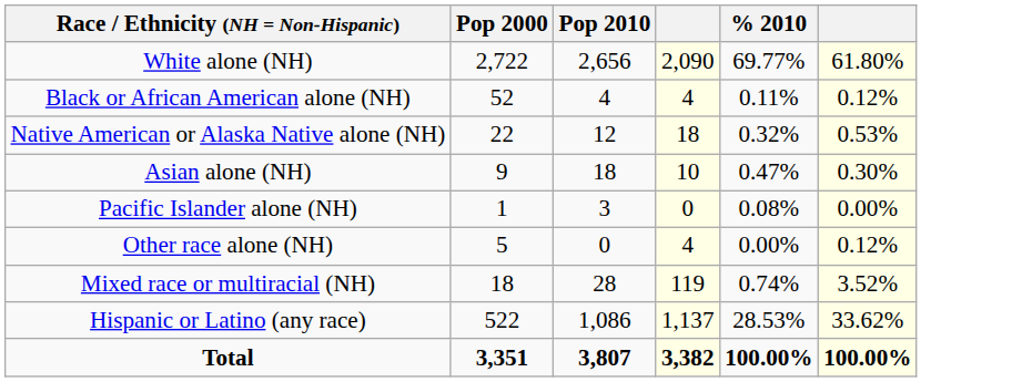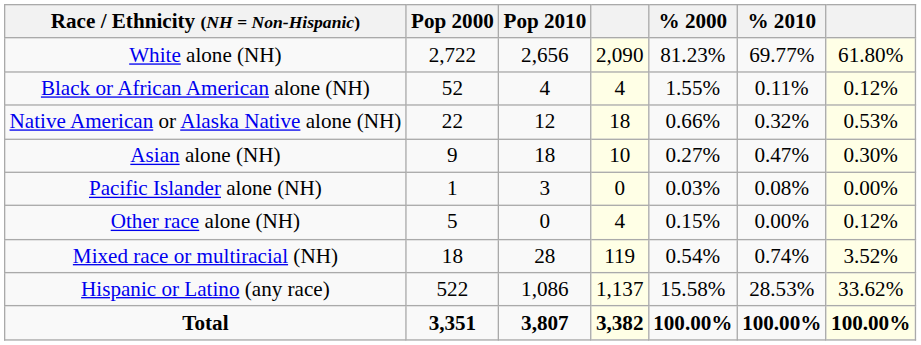 <table class="wikitable"style="text-align:center;">
 <tr>
 <th>Race / Ethnicity <small>(<em>NH = Non-Hispanic</em>)</small></th>
 <th>Pop 2000</th>
 <th>Pop 2010</th>
 <th></th>
+<th>% 2000</th>
 <th>% 2010</th>
 <th></th>
 </tr>
 <tr>
 <td><a href='#'>White</a> alone (NH)</td>
 <td>2,722</td>
 <td>2,656</td>
 <td style='background: #ffffe6;'>2,090</td>
+<td>81.23%</td>
 <td>69.77%</td>
 <td style='background: #ffffe6;'>61.80%</td>
 </tr>
 <tr>
 <td><a href='#'>Black or African American</a> alone (NH)</td>
 <td>52</td>
 <td>4</td>
 <td style='background: #ffffe6;'>4</td>
+<td>1.55%</td>
 <td>0.11%</td>
 <td style='background: #ffffe6;'>0.12%</td>
 </tr>
 <tr>
 <td><a href='#'>Native American</a> or <a href='#'>Alaska Native</a> alone (NH)</td>
 <td>22</td>
 <td>12</td>
 <td style='background: #ffffe6;'>18</td>
+<td>0.66%</td>
 <td>0.32%</td>
 <td style='background: #ffffe6;'>0.53%</td>
 </tr>
 <tr>
 <td><a href='#'>Asian</a> alone (NH)</td>
 <td>9</td>
 <td>18</td>
 <td style='background: #ffffe6;'>10</td>
+<td>0.27%</td>
 <td>0.47%</td>
 <td style='background: #ffffe6;'>0.30%</td>
 </tr>
 <tr>
 <td><a href='#'>Pacific Islander</a> alone (NH)</td>
 <td>1</td>
 <td>3</td>
 <td style='background: #ffffe6;'>0</td>
+<td>0.03%</td>
 <td>0.08%</td>
 <td style='background: #ffffe6;'>0.00%</td>
 </tr>
 <tr>
 <td><a href='#'>Other race</a> alone (NH)</td>
 <td>5</td>
 <td>0</td>
 <td style='background: #ffffe6;'>4</td>
+<td>0.15%</td>
 <td>0.00%</td>
 <td style='background: #ffffe6;'>0.12%</td>
 </tr>
 <tr>
 <td><a href='#'>Mixed race or multiracial</a> (NH)</td>
 <td>18</td>
 <td>28</td>
 <td style='background: #ffffe6;'>119</td>
+<td>0.54%</td>
 <td>0.74%</td>
 <td style='background: #ffffe6;'>3.52%</td>
 </tr>
 <tr>
 <td><a href='#'>Hispanic or Latino</a> (any race)</td>
 <td>522</td>
 <td>1,086</td>
 <td style='background: #ffffe6;'>1,137</td>
+<td>15.58%</td>
 <td>28.53%</td>
 <td style='background: #ffffe6;'>33.62%</td>
 </tr>
 <tr>
 <td><strong>Total</strong></td>
 <td><strong>3,351</strong></td>
 <td><strong>3,807</strong></td>
 <td style='background: #ffffe6;'><strong>3,382</strong></td>
 <td><strong>100.00%</strong></td>
+<td><strong>100.00%</strong></td>
 <td style='background: #ffffe6;'><strong>100.00%</strong></td>
 </tr>
 </table>
